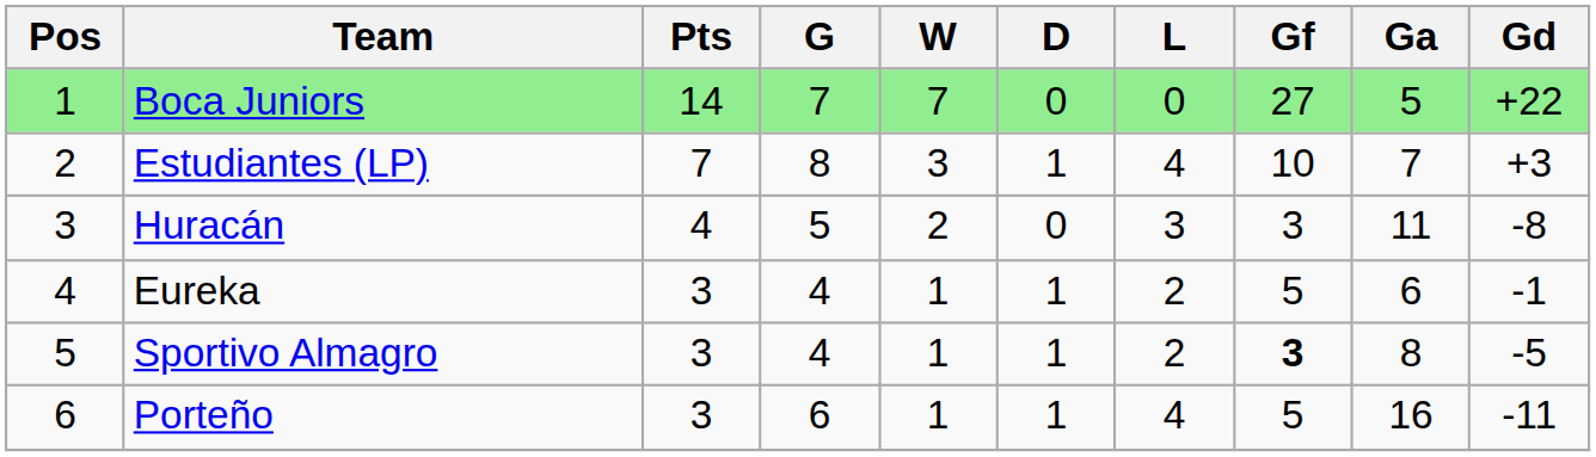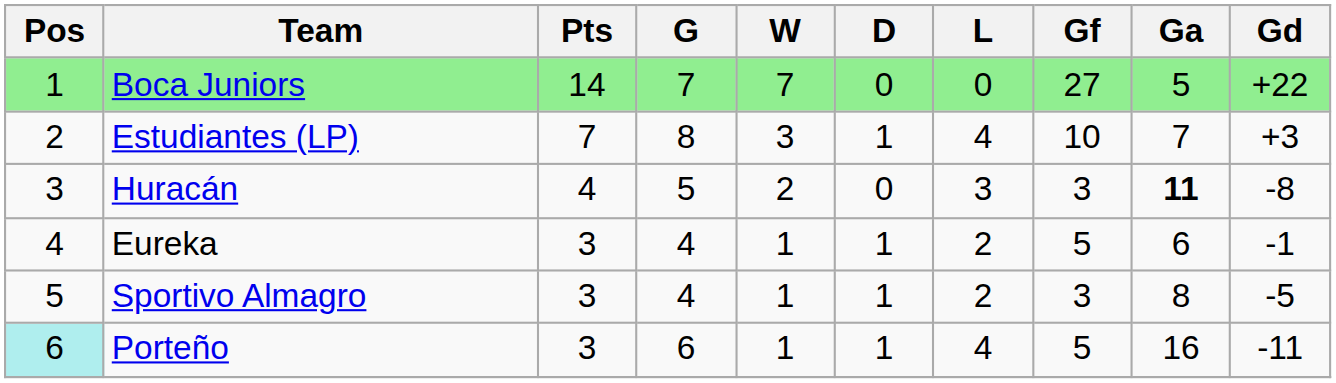 <table class="wikitable" style="text-align:center">
 <tr>
 <th width=40px>Pos</th>
 <th width=200px>Team</th>
 <th width=40px>Pts</th>
 <th width=40px>G</th>
 <th width=40px>W</th>
 <th width=40px>D</th>
 <th width=40px>L</th>
 <th width=40px>Gf</th>
 <th width=40px>Ga</th>
 <th width=40px>Gd</th>
 </tr>
 <tr bgcolor="lightgreen">
 <td>1</td>
 <td align="left"><a href='#'>Boca Juniors</a></td>
 <td>14</td>
 <td>7</td>
 <td>7</td>
 <td>0</td>
 <td>0</td>
 <td>27</td>
 <td>5</td>
 <td>+22</td>
 </tr>
 <tr>
 <td>2</td>
 <td align="left"><a href='#'>Estudiantes (LP)</a></td>
 <td>7</td>
 <td>8</td>
 <td>3</td>
 <td>1</td>
 <td>4</td>
 <td>10</td>
 <td>7</td>
 <td>+3</td>
 </tr>
 <tr>
 <td>3</td>
 <td align="left"><a href='#'>Huracán</a></td>
 <td>4</td>
 <td>5</td>
 <td>2</td>
 <td>0</td>
 <td>3</td>
 <td>3</td>
-<td>11</td>
+<td><strong>11</strong></td>
 <td>-8</td>
 </tr>
 <tr>
 <td>4</td>
 <td align="left">Eureka</td>
 <td>3</td>
 <td>4</td>
 <td>1</td>
 <td>1</td>
 <td>2</td>
 <td>5</td>
 <td>6</td>
 <td>-1</td>
 </tr>
 <tr>
 <td>5</td>
 <td align="left"><a href='#'>Sportivo Almagro</a></td>
 <td>3</td>
 <td>4</td>
 <td>1</td>
 <td>1</td>
 <td>2</td>
-<td><strong>3</strong></td>
+<td>3</td>
 <td>8</td>
 <td>-5</td>
 </tr>
 <tr>
-<td>6</td>
+<td style="background: paleturquoise;">6</td>
 <td align="left"><a href='#'>Porteño</a></td>
 <td>3</td>
 <td>6</td>
 <td>1</td>
 <td>1</td>
 <td>4</td>
 <td>5</td>
 <td>16</td>
 <td>-11</td>
 </tr>
 <tr>
 </tr>
 </table>
